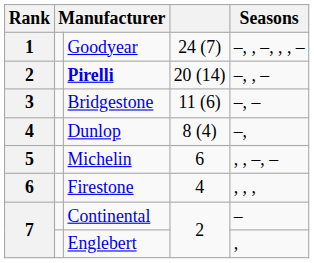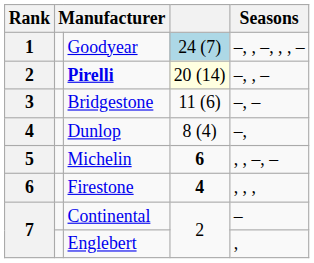 <table class="wikitable">
 <tr>
 <th scope=col>Rank</th>
 <th scope=col colspan="2">Manufacturer</th>
 <th scope=col></th>
 <th scope=col>Seasons</th>
 </tr>
 <tr>
 <th scope=row>1</th>
 <td></td>
 <td><a href='#'>Goodyear</a></td>
-<td align="center">24 (7)</td>
+<td align="center" style="background: lightblue;">24 (7)</td>
 <td>–, , –, , , –</td>
 </tr>
 <tr>
 <th scope=row>2</th>
 <td></td>
 <td><strong><a href='#'>Pirelli</a></strong></td>
-<td align="center">20 (14)</td>
+<td align="center" style="background: lightyellow;">20 (14)</td>
 <td>–, , –</td>
 </tr>
 <tr>
 <th scope=row>3</th>
 <td></td>
 <td><a href='#'>Bridgestone</a></td>
 <td align="center">11 (6)</td>
 <td>–, –</td>
 </tr>
 <tr>
 <th scope=row>4</th>
 <td></td>
 <td><a href='#'>Dunlop</a></td>
 <td align="center">8 (4)</td>
 <td>–, </td>
 </tr>
 <tr>
 <th scope=row>5</th>
 <td></td>
 <td><a href='#'>Michelin</a></td>
-<td align="center">6</td>
+<td align="center"><strong>6</strong></td>
 <td>, , –, –</td>
 </tr>
 <tr>
 <th scope=row>6</th>
 <td></td>
 <td><a href='#'>Firestone</a></td>
-<td align="center">4</td>
+<td align="center"><strong>4</strong></td>
 <td>, , , </td>
 </tr>
 <tr>
 <th scope=row rowspan=2>7</th>
 <td></td>
 <td><a href='#'>Continental</a></td>
 <td align="center" rowspan="2">2</td>
 <td>–</td>
 </tr>
 <tr>
 <td></td>
 <td><a href='#'>Englebert</a></td>
 <td>, </td>
 </tr>
 </table>
